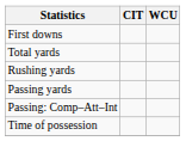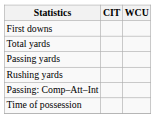 <table class="wikitable" style="float: left;">
 <tr>
 <th>Statistics</th>
 <th>CIT</th>
 <th>WCU</th>
 </tr>
 <tr>
 <td>First downs</td>
 <td></td>
 <td></td>
 </tr>
 <tr>
 <td>Total yards</td>
 <td></td>
 <td></td>
 </tr>
 <tr>
-<td>Rushing yards</td>
+<td>Passing yards</td>
 <td></td>
 <td></td>
 </tr>
 <tr>
-<td>Passing yards</td>
+<td>Rushing yards</td>
 <td></td>
 <td></td>
 </tr>
 <tr>
 <td>Passing: Comp–Att–Int</td>
 <td></td>
 <td></td>
 </tr>
 <tr>
 <td>Time of possession</td>
 <td></td>
 <td></td>
 </tr>
 <tr>
 </tr>
 </table>
